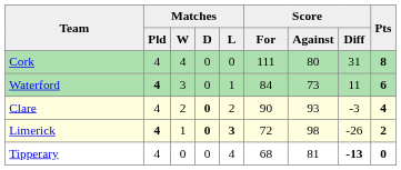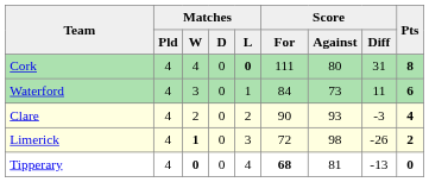 <table style=border-collapse:collapse border=1 cellspacing=0 cellpadding=5>
 <tr align=center bgcolor=#efefef>
 <th rowspan=2 width=165>Team</th>
 <th colspan=4>Matches</th>
 <th colspan=3>Score</th>
 <th rowspan=2width=20>Pts</th>
 </tr>
 <tr align=center bgcolor=#efefef>
 <th width=20>Pld</th>
 <th width=20>W</th>
 <th width=20>D</th>
 <th width=20>L</th>
 <th width=45>For</th>
 <th width=45>Against</th>
 <th width=30>Diff</th>
 </tr>
 <tr align=center style="background:#ACE1AF;">
 <td style="text-align:left;"> <a href='#'>Cork</a></td>
 <td>4</td>
 <td>4</td>
 <td>0</td>
-<td>0</td>
+<td><strong>0</strong></td>
 <td>111</td>
 <td>80</td>
 <td>31</td>
 <td><strong>8</strong></td>
 </tr>
 <tr align=center style="background:#ACE1AF;">
 <td style="text-align:left;"> <a href='#'>Waterford</a></td>
-<td><strong>4</strong></td>
+<td>4</td>
 <td>3</td>
 <td>0</td>
 <td>1</td>
 <td>84</td>
 <td>73</td>
 <td>11</td>
 <td><strong>6</strong></td>
 </tr>
 <tr align=center style="background:#FFFFE0;">
 <td style="text-align:left;"> <a href='#'>Clare</a></td>
 <td>4</td>
 <td>2</td>
-<td><strong>0</strong></td>
+<td>0</td>
 <td>2</td>
 <td>90</td>
 <td>93</td>
 <td>-3</td>
 <td><strong>4</strong></td>
 </tr>
 <tr align=center style="background:#FFFFE0;">
 <td style="text-align:left;"> <a href='#'>Limerick</a></td>
-<td><strong>4</strong></td>
-<td>1</td>
-<td><strong>0</strong></td>
-<td><strong>3</strong></td>
+<td>4</td>
+<td><strong>1</strong></td>
+<td>0</td>
+<td>3</td>
 <td>72</td>
 <td>98</td>
 <td>-26</td>
 <td><strong>2</strong></td>
 </tr>
 <tr align=center>
 <td style="text-align:left;"> <a href='#'>Tipperary</a></td>
 <td>4</td>
-<td>0</td>
+<td><strong>0</strong></td>
 <td>0</td>
 <td>4</td>
-<td>68</td>
+<td><strong>68</strong></td>
 <td>81</td>
-<td><strong>-13</strong></td>
+<td>-13</td>
 <td><strong>0</strong></td>
 </tr>
 </table>
